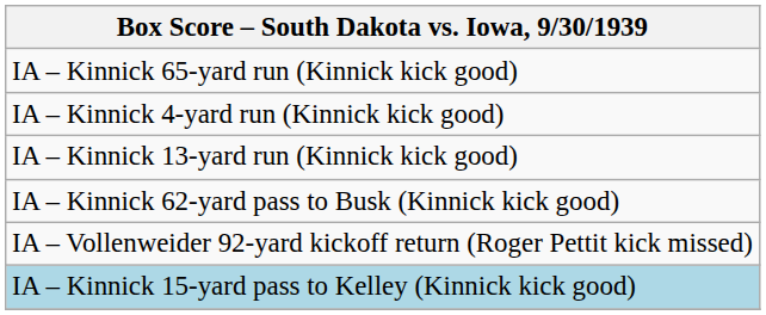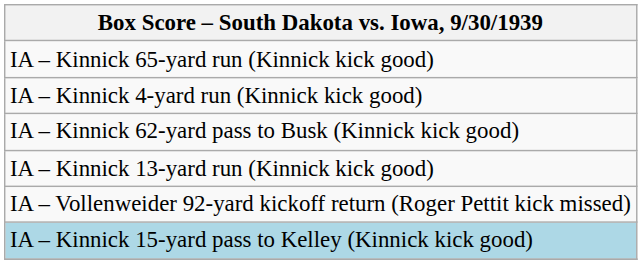 <table class="wikitable">
 <tr>
 <th>Box Score – South Dakota vs. Iowa, 9/30/1939</th>
 </tr>
 <tr>
 <td>IA – Kinnick 65-yard run (Kinnick kick good)</td>
 </tr>
 <tr>
 <td>IA – Kinnick 4-yard run (Kinnick kick good)</td>
 </tr>
 <tr>
-<td>IA – Kinnick 13-yard run (Kinnick kick good)</td>
+<td>IA – Kinnick 62-yard pass to Busk (Kinnick kick good)</td>
 </tr>
 <tr>
-<td>IA – Kinnick 62-yard pass to Busk (Kinnick kick good)</td>
+<td>IA – Kinnick 13-yard run (Kinnick kick good)</td>
 </tr>
 <tr>
 <td>IA – Vollenweider 92-yard kickoff return (Roger Pettit kick missed)</td>
 </tr>
 <tr>
 <td style="background: lightblue;">IA – Kinnick 15-yard pass to Kelley (Kinnick kick good)</td>
 </tr>
 <tr>
 </tr>
 </table>
